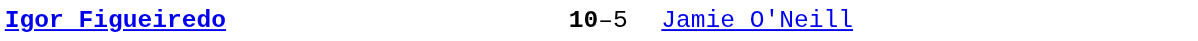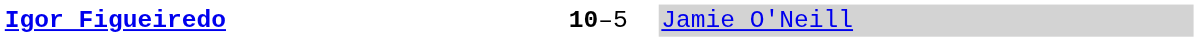 <table width="50%" cellspacing="1">
 <tr>
 <th width=45%></th>
 <th width=10%></th>
 <th width=45%></th>
 </tr>
 <tr>
 <td> <strong><a href='#'>Igor Figueiredo</a></strong></td>
 <td align="center"><strong>10</strong>–5</td>
-<td> <a href='#'>Jamie O'Neill</a></td>
+<td style="background: lightgrey;"> <a href='#'>Jamie O'Neill</a></td>
 </tr>
 </table>
